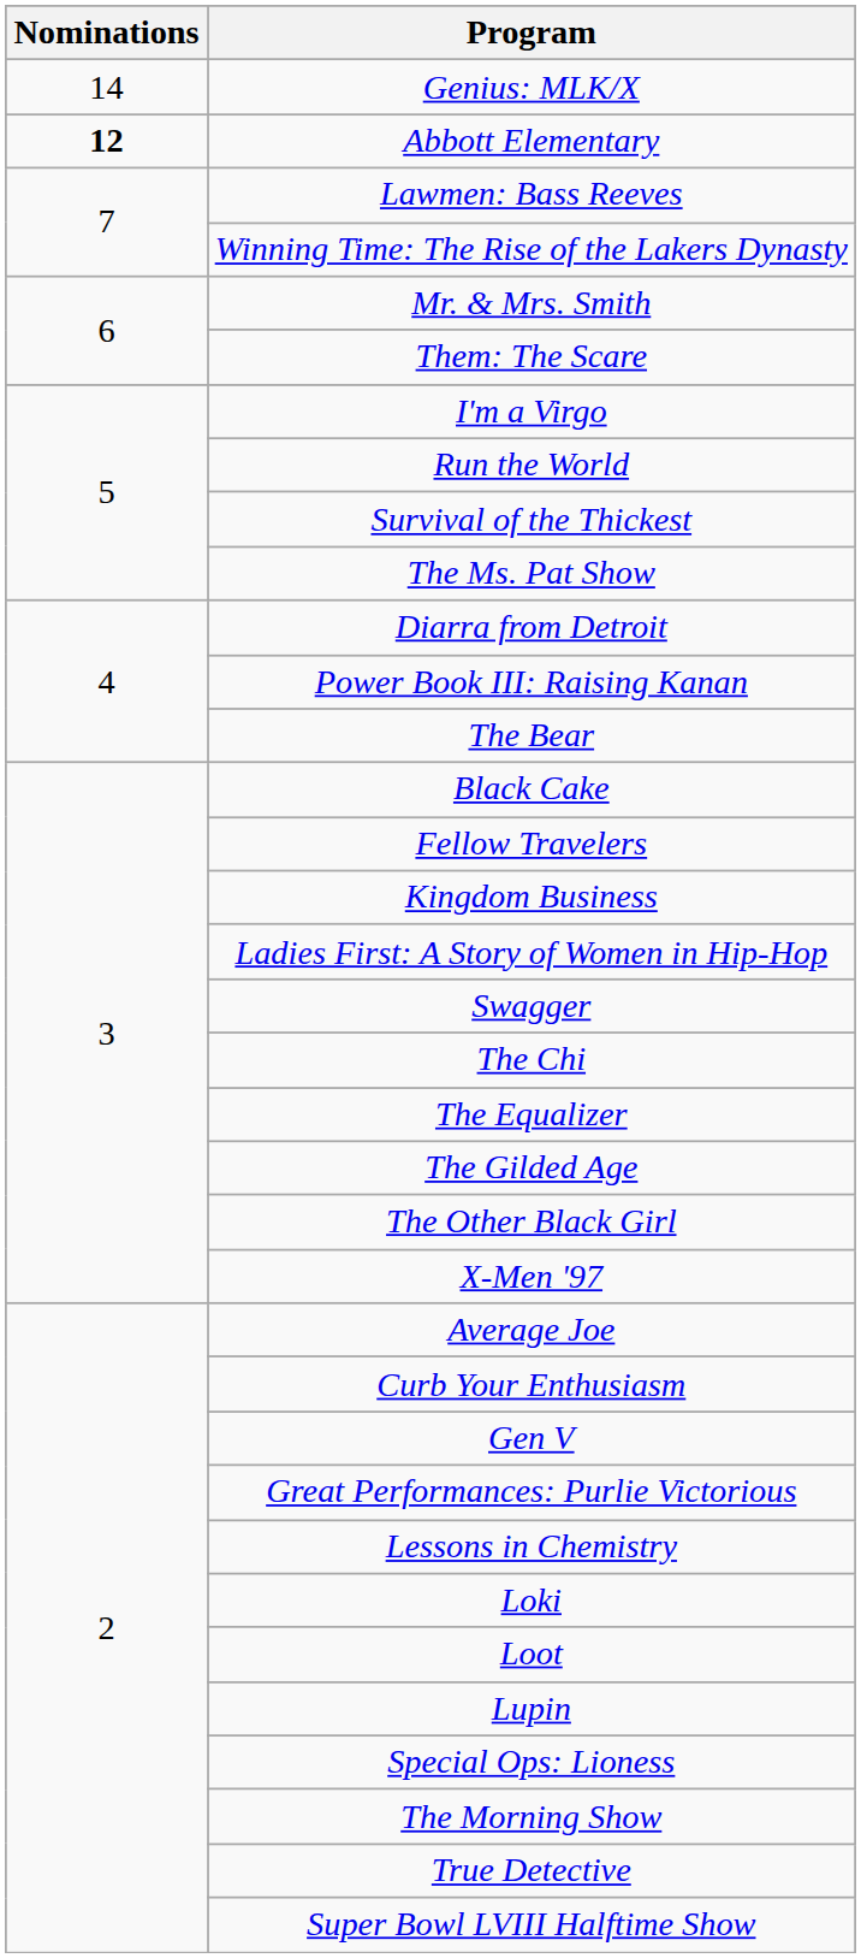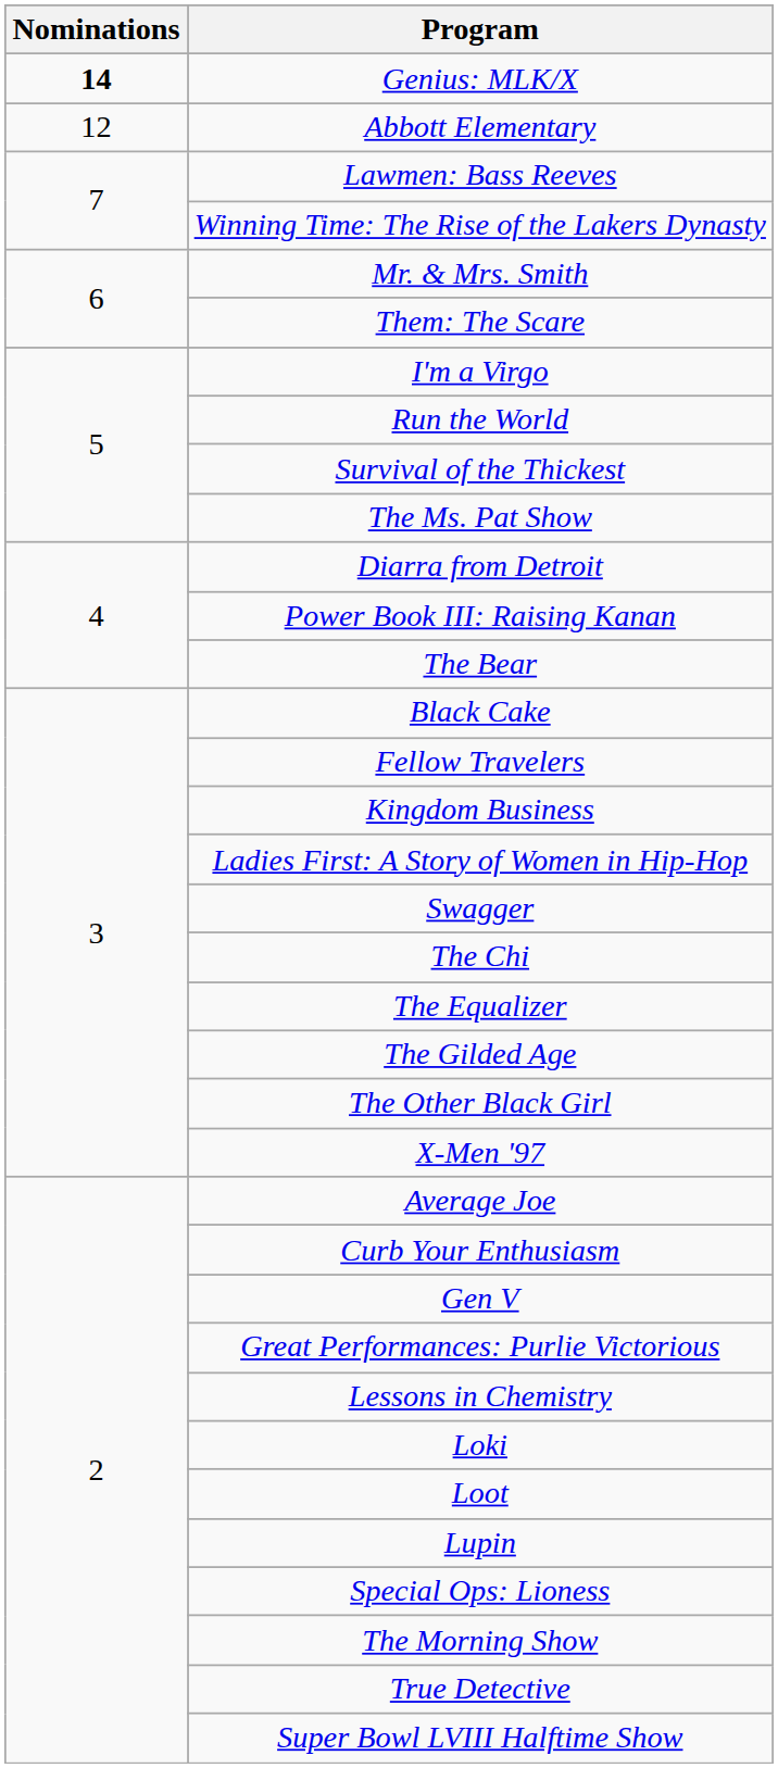 <table class="wikitable" rowspan="2" style="text-align:center" background: #f6e39c;>
 <tr>
 <th scope="col" style="width:55px;">Nominations</th>
 <th scope="col" style="text-align:center;">Program</th>
 </tr>
 <tr>
-<td style="text-align:center">14</td>
+<td style="text-align:center"><strong>14</strong></td>
 <td><em><a href='#'>Genius: MLK/X</a></em></td>
 </tr>
 <tr>
-<td style="text-align:center"><strong>12</strong></td>
+<td style="text-align:center">12</td>
 <td><em><a href='#'>Abbott Elementary</a></em></td>
 </tr>
 <tr>
 <td rowspan="2">7</td>
 <td><em><a href='#'>Lawmen: Bass Reeves</a></em></td>
 </tr>
 <tr>
 <td><em><a href='#'>Winning Time: The Rise of the Lakers Dynasty</a></em></td>
 </tr>
 <tr>
 <td rowspan="2" style="text-align:center">6</td>
 <td><em><a href='#'>Mr. & Mrs. Smith</a></em></td>
 </tr>
 <tr>
 <td><em><a href='#'>Them: The Scare</a></em></td>
 </tr>
 <tr>
 <td rowspan="4">5</td>
 <td><em><a href='#'>I'm a Virgo</a></em></td>
 </tr>
 <tr>
 <td><em><a href='#'>Run the World</a></em></td>
 </tr>
 <tr>
 <td><em><a href='#'>Survival of the Thickest</a></em></td>
 </tr>
 <tr>
 <td><em><a href='#'>The Ms. Pat Show</a></em></td>
 </tr>
 <tr>
 <td rowspan="3" style="text-align:center">4</td>
 <td><em><a href='#'>Diarra from Detroit</a></em></td>
 </tr>
 <tr>
 <td><em><a href='#'>Power Book III: Raising Kanan</a></em></td>
 </tr>
 <tr>
 <td><em><a href='#'>The Bear</a></em></td>
 </tr>
 <tr>
 <td rowspan="10">3</td>
 <td><em><a href='#'>Black Cake</a></em></td>
 </tr>
 <tr>
 <td><em><a href='#'>Fellow Travelers</a></em></td>
 </tr>
 <tr>
 <td><em><a href='#'>Kingdom Business</a></em></td>
 </tr>
 <tr>
 <td><em><a href='#'>Ladies First: A Story of Women in Hip-Hop</a></em></td>
 </tr>
 <tr>
 <td><em><a href='#'>Swagger</a></em></td>
 </tr>
 <tr>
 <td><em><a href='#'>The Chi</a></em></td>
 </tr>
 <tr>
 <td><em><a href='#'>The Equalizer</a></em></td>
 </tr>
 <tr>
 <td><em><a href='#'>The Gilded Age</a></em></td>
 </tr>
 <tr>
 <td><em><a href='#'>The Other Black Girl</a></em></td>
 </tr>
 <tr>
 <td><em><a href='#'>X-Men '97</a></em></td>
 </tr>
 <tr>
 <td rowspan="12">2</td>
 <td><em><a href='#'>Average Joe</a></em></td>
 </tr>
 <tr>
 <td><em><a href='#'>Curb Your Enthusiasm</a></em></td>
 </tr>
 <tr>
 <td><em><a href='#'>Gen V</a></em></td>
 </tr>
 <tr>
 <td><em><a href='#'>Great Performances: Purlie Victorious</a></em></td>
 </tr>
 <tr>
 <td><em><a href='#'>Lessons in Chemistry</a></em></td>
 </tr>
 <tr>
 <td><em><a href='#'>Loki</a></em></td>
 </tr>
 <tr>
 <td><em><a href='#'>Loot</a></em></td>
 </tr>
 <tr>
 <td><em><a href='#'>Lupin</a></em></td>
 </tr>
 <tr>
 <td><em><a href='#'>Special Ops: Lioness</a></em></td>
 </tr>
 <tr>
 <td><em><a href='#'>The Morning Show</a></em></td>
 </tr>
 <tr>
 <td><em><a href='#'>True Detective</a></em></td>
 </tr>
 <tr>
 <td><em><a href='#'>Super Bowl LVIII Halftime Show</a></em></td>
 </tr>
 </table>
